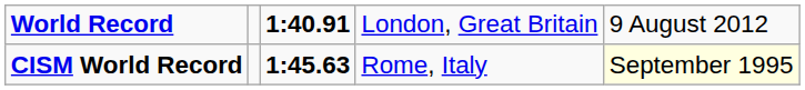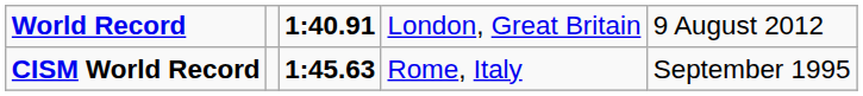 <table class="wikitable">
 <tr>
 <td><strong><a href='#'>World Record</a></strong></td>
 <td></td>
 <td><strong>1:40.91</strong></td>
 <td><a href='#'>London</a>, <a href='#'>Great Britain</a></td>
 <td>9 August 2012</td>
 </tr>
 <tr>
 <td><strong><a href='#'>CISM</a> World Record</strong></td>
 <td></td>
 <td><strong>1:45.63</strong></td>
 <td><a href='#'>Rome</a>, <a href='#'>Italy</a></td>
-<td style="background: lightyellow;">September 1995</td>
+<td>September 1995</td>
 </tr>
 </table>
